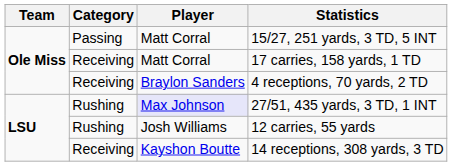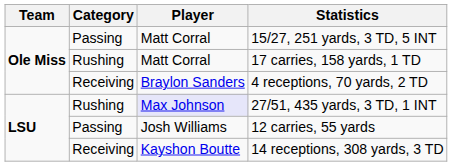 <table class="wikitable" style="float: right;">
 <tr>
 <th>Team</th>
 <th>Category</th>
 <th>Player</th>
 <th>Statistics</th>
 </tr>
 <tr>
 <td rowspan=3><strong>Ole Miss</strong></td>
 <td>Passing</td>
 <td>Matt Corral</td>
 <td>15/27, 251 yards, 3 TD, 5 INT</td>
 </tr>
 <tr>
-<td>Receiving</td>
+<td>Rushing</td>
 <td>Matt Corral</td>
 <td>17 carries, 158 yards, 1 TD</td>
 </tr>
 <tr>
 <td>Receiving</td>
 <td><a href='#'>Braylon Sanders</a></td>
 <td>4 receptions, 70 yards, 2 TD</td>
 </tr>
 <tr>
 <td rowspan=3><strong>LSU</strong></td>
 <td>Rushing</td>
 <td style="background: lavender;"><a href='#'>Max Johnson</a></td>
 <td>27/51, 435 yards, 3 TD, 1 INT</td>
 </tr>
 <tr>
-<td>Rushing</td>
+<td>Passing</td>
 <td>Josh Williams</td>
 <td>12 carries, 55 yards</td>
 </tr>
 <tr>
 <td>Receiving</td>
 <td><a href='#'>Kayshon Boutte</a></td>
 <td>14 receptions, 308 yards, 3 TD</td>
 </tr>
 </table>
